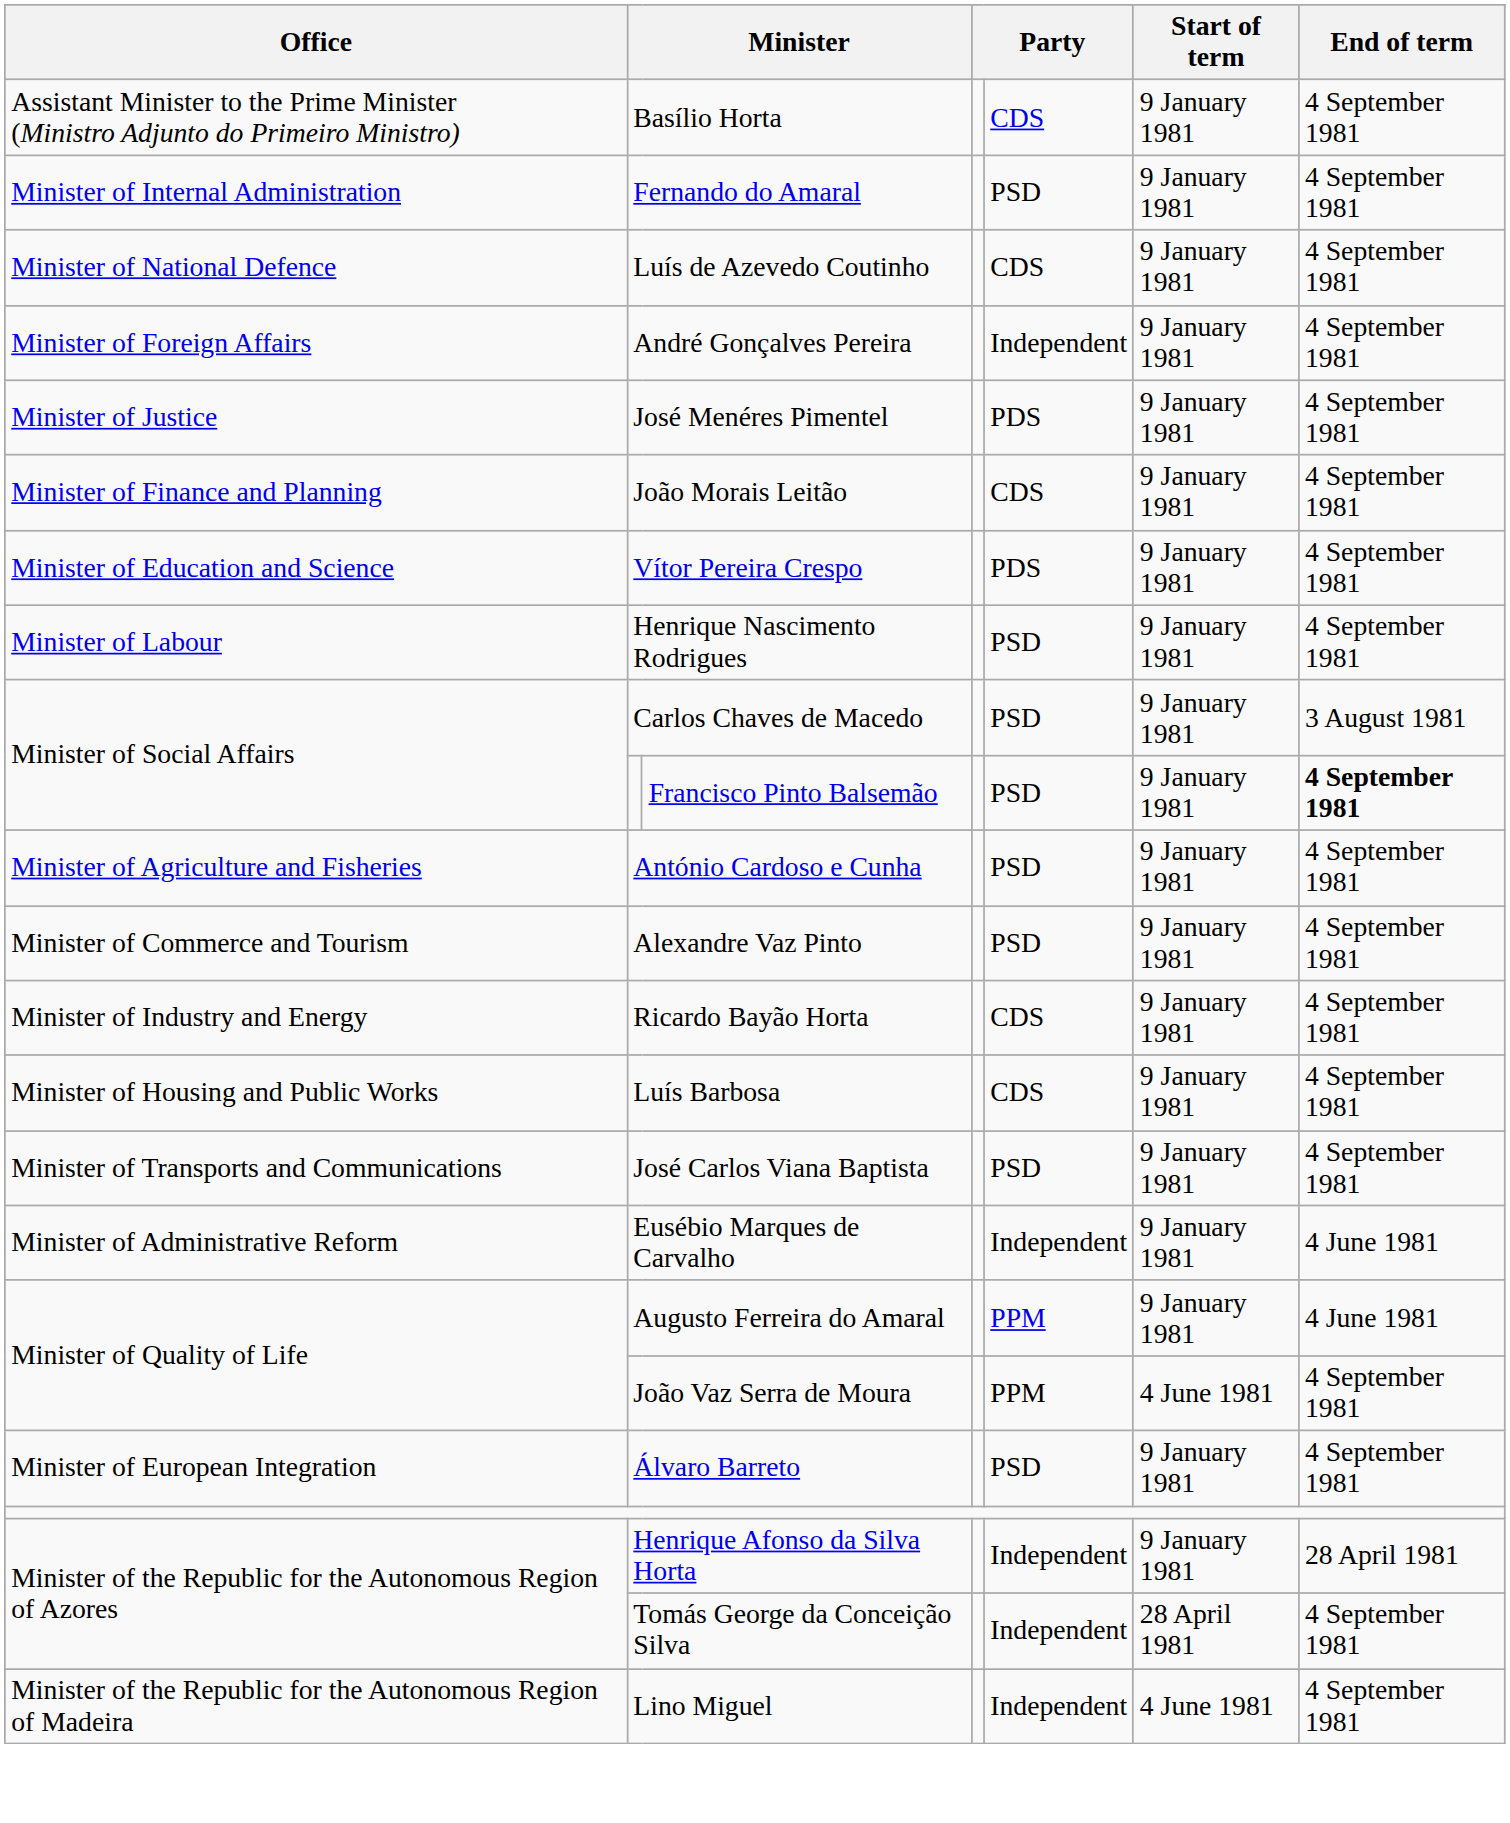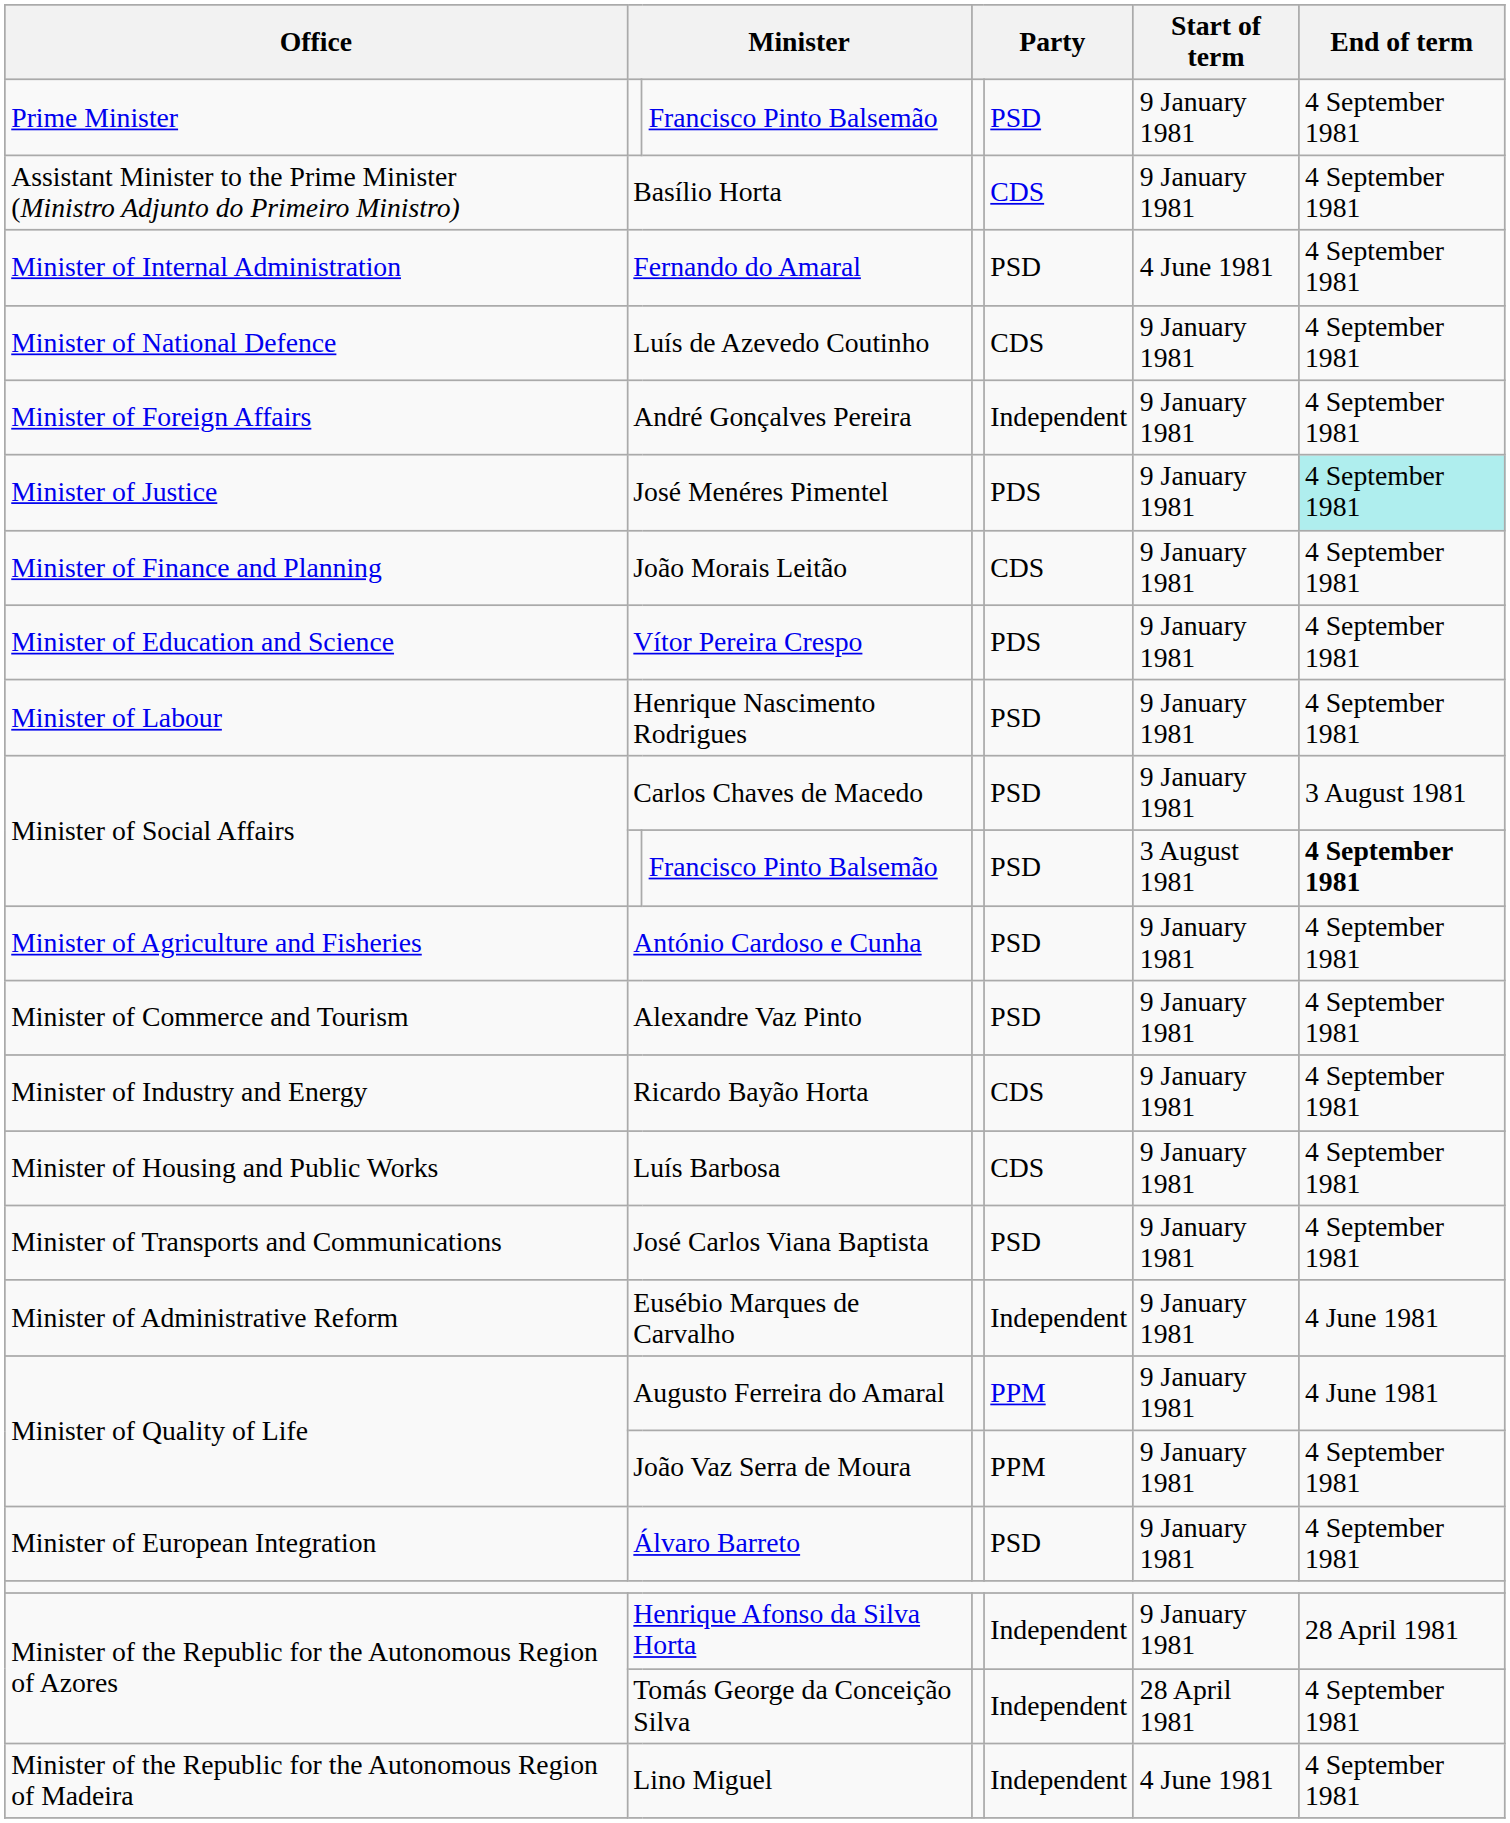 <table class="wikitable">
 <tr>
 <th>Office</th>
 <th colspan="2">Minister</th>
 <th colspan="2">Party</th>
 <th>Start of term</th>
 <th>End of term</th>
+</tr>
+<tr>
+<td><a href='#'>Prime Minister</a></td>
+<td></td>
+<td><a href='#'>Francisco Pinto Balsemão</a></td>
+<td style="background:"></td>
+<td><a href='#'>PSD</a></td>
+<td>9 January 1981</td>
+<td>4 September 1981</td>
 </tr>
 <tr>
 <td>Assistant Minister to the Prime Minister<br>(<em>Ministro Adjunto do Primeiro Ministro)</em></td>
 <td colspan="2">Basílio Horta</td>
 <td style="background:"></td>
 <td><a href='#'>CDS</a></td>
 <td>9 January 1981</td>
 <td>4 September 1981</td>
 </tr>
 <tr>
 <td><a href='#'>Minister of Internal Administration</a></td>
 <td colspan="2"><a href='#'>Fernando do Amaral</a></td>
 <td style="background:"></td>
 <td>PSD</td>
-<td>9 January 1981</td>
+<td>4 June 1981</td>
 <td>4 September 1981</td>
 </tr>
 <tr>
 <td><a href='#'>Minister of National Defence</a></td>
 <td colspan="2">Luís de Azevedo Coutinho</td>
 <td style="background:"></td>
 <td>CDS</td>
 <td>9 January 1981</td>
 <td>4 September 1981</td>
 </tr>
 <tr>
 <td><a href='#'>Minister of Foreign Affairs</a></td>
 <td colspan="2">André Gonçalves Pereira</td>
 <td style="background:"></td>
 <td>Independent</td>
 <td>9 January 1981</td>
 <td>4 September 1981</td>
 </tr>
 <tr>
 <td><a href='#'>Minister of Justice</a></td>
 <td colspan="2">José Menéres Pimentel</td>
 <td style="background:"></td>
 <td>PDS</td>
 <td>9 January 1981</td>
-<td>4 September 1981</td>
+<td style="background: paleturquoise;">4 September 1981</td>
 </tr>
 <tr>
 <td><a href='#'>Minister of Finance and Planning</a></td>
 <td colspan="2">João Morais Leitão</td>
 <td style="background:"></td>
 <td>CDS</td>
 <td>9 January 1981</td>
 <td>4 September 1981</td>
 </tr>
 <tr>
 <td><a href='#'>Minister of Education and Science</a></td>
 <td colspan="2"><a href='#'>Vítor Pereira Crespo</a></td>
 <td style="background:"></td>
 <td>PDS</td>
 <td>9 January 1981</td>
 <td>4 September 1981</td>
 </tr>
 <tr>
 <td><a href='#'>Minister of Labour</a></td>
 <td colspan="2">Henrique Nascimento Rodrigues</td>
 <td style="background:"></td>
 <td>PSD</td>
 <td>9 January 1981</td>
 <td>4 September 1981</td>
 </tr>
 <tr>
 <td rowspan="2">Minister of Social Affairs</td>
 <td colspan="2">Carlos Chaves de Macedo</td>
 <td style="background:"></td>
 <td>PSD</td>
 <td>9 January 1981</td>
 <td>3 August 1981</td>
 </tr>
 <tr>
 <td></td>
 <td><a href='#'>Francisco Pinto Balsemão</a></td>
 <td style="background:"></td>
 <td>PSD</td>
-<td>9 January 1981</td>
+<td>3 August 1981</td>
 <td><strong>4 September 1981</strong></td>
 </tr>
 <tr>
 <td><a href='#'>Minister of Agriculture and Fisheries</a></td>
 <td colspan="2"><a href='#'>António Cardoso e Cunha</a></td>
 <td style="background:"></td>
 <td>PSD</td>
 <td>9 January 1981</td>
 <td>4 September 1981</td>
 </tr>
 <tr>
 <td>Minister of Commerce and Tourism</td>
 <td colspan="2">Alexandre Vaz Pinto</td>
 <td style="background:"></td>
 <td>PSD</td>
 <td>9 January 1981</td>
 <td>4 September 1981</td>
 </tr>
 <tr>
 <td>Minister of Industry and Energy</td>
 <td colspan="2">Ricardo Bayão Horta</td>
 <td style="background:"></td>
 <td>CDS</td>
 <td>9 January 1981</td>
 <td>4 September 1981</td>
 </tr>
 <tr>
 <td>Minister of Housing and Public Works</td>
 <td colspan="2">Luís Barbosa</td>
 <td style="background:"></td>
 <td>CDS</td>
 <td>9 January 1981</td>
 <td>4 September 1981</td>
 </tr>
 <tr>
 <td>Minister of Transports and Communications</td>
 <td colspan="2">José Carlos Viana Baptista</td>
 <td style="background:"></td>
 <td>PSD</td>
 <td>9 January 1981</td>
 <td>4 September 1981</td>
 </tr>
 <tr>
 <td>Minister of Administrative Reform</td>
 <td colspan="2">Eusébio Marques de Carvalho</td>
 <td style="background:"></td>
 <td>Independent</td>
 <td>9 January 1981</td>
 <td>4 June 1981</td>
 </tr>
 <tr>
 <td rowspan="2">Minister of Quality of Life</td>
 <td colspan="2">Augusto Ferreira do Amaral</td>
 <td style="background:"></td>
 <td><a href='#'>PPM</a></td>
 <td>9 January 1981</td>
 <td>4 June 1981</td>
 </tr>
 <tr>
 <td colspan="2">João Vaz Serra de Moura</td>
 <td style="background:"></td>
 <td>PPM</td>
-<td>4 June 1981</td>
+<td>9 January 1981</td>
 <td>4 September 1981</td>
 </tr>
 <tr>
 <td>Minister of European Integration</td>
 <td colspan="2"><a href='#'>Álvaro Barreto</a></td>
 <td style="background:"></td>
 <td>PSD</td>
 <td>9 January 1981</td>
 <td>4 September 1981</td>
 </tr>
 <tr>
 <td colspan="7"></td>
 </tr>
 <tr>
 <td rowspan="2">Minister of the Republic for the Autonomous Region of Azores</td>
 <td colspan="2"><a href='#'>Henrique Afonso da Silva Horta</a></td>
 <td style="background:"></td>
 <td>Independent</td>
 <td>9 January 1981</td>
 <td>28 April 1981</td>
 </tr>
 <tr>
 <td colspan="2">Tomás George da Conceição Silva</td>
 <td style="background:"></td>
 <td>Independent</td>
 <td>28 April 1981</td>
 <td>4 September 1981</td>
 </tr>
 <tr>
 <td>Minister of the Republic for the Autonomous Region of Madeira</td>
 <td colspan="2">Lino Miguel</td>
 <td style="background:"></td>
 <td>Independent</td>
 <td>4 June 1981</td>
 <td>4 September 1981</td>
 </tr>
 </table>
